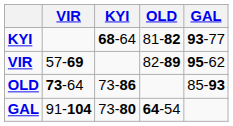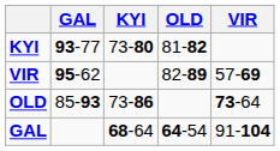 <table class="wikitable">
 <tr>
 <th></th>
-<th> <strong><a href='#'>VIR</a></strong></th>
+<th> <a href='#'><strong>GAL</strong></a></th>
 <th> <strong><a href='#'>KYI</a></strong></th>
 <th> <a href='#'><strong>OLD</strong></a></th>
-<th> <a href='#'><strong>GAL</strong></a></th>
+<th> <strong><a href='#'>VIR</a></strong></th>
 </tr>
 <tr>
 <td> <strong><a href='#'>KYI</a></strong></td>
+<td><strong>93</strong>-77</td>
+<td>73-<strong>80</strong></td>
+<td>81-<strong>82</strong></td>
 <td></td>
-<td><strong>68</strong>-64</td>
-<td>81-<strong>82</strong></td>
-<td><strong>93</strong>-77</td>
 </tr>
 <tr>
 <td> <strong><a href='#'>VIR</a></strong></td>
-<td>57-<strong>69</strong></td>
+<td><strong>95</strong>-62</td>
 <td></td>
 <td>82-<strong>89</strong></td>
-<td><strong>95</strong>-62</td>
+<td>57-<strong>69</strong></td>
 </tr>
 <tr>
 <td> <a href='#'><strong>OLD</strong></a></td>
-<td><strong>73</strong>-64</td>
+<td>85-<strong>93</strong></td>
 <td>73-<strong>86</strong></td>
 <td></td>
-<td>85-<strong>93</strong></td>
+<td><strong>73</strong>-64</td>
 </tr>
 <tr>
 <td> <a href='#'><strong>GAL</strong></a></td>
+<td></td>
+<td><strong>68</strong>-64</td>
+<td><strong>64</strong>-54</td>
 <td>91-<strong>104</strong></td>
-<td>73-<strong>80</strong></td>
-<td><strong>64</strong>-54</td>
-<td></td>
 </tr>
 </table>
